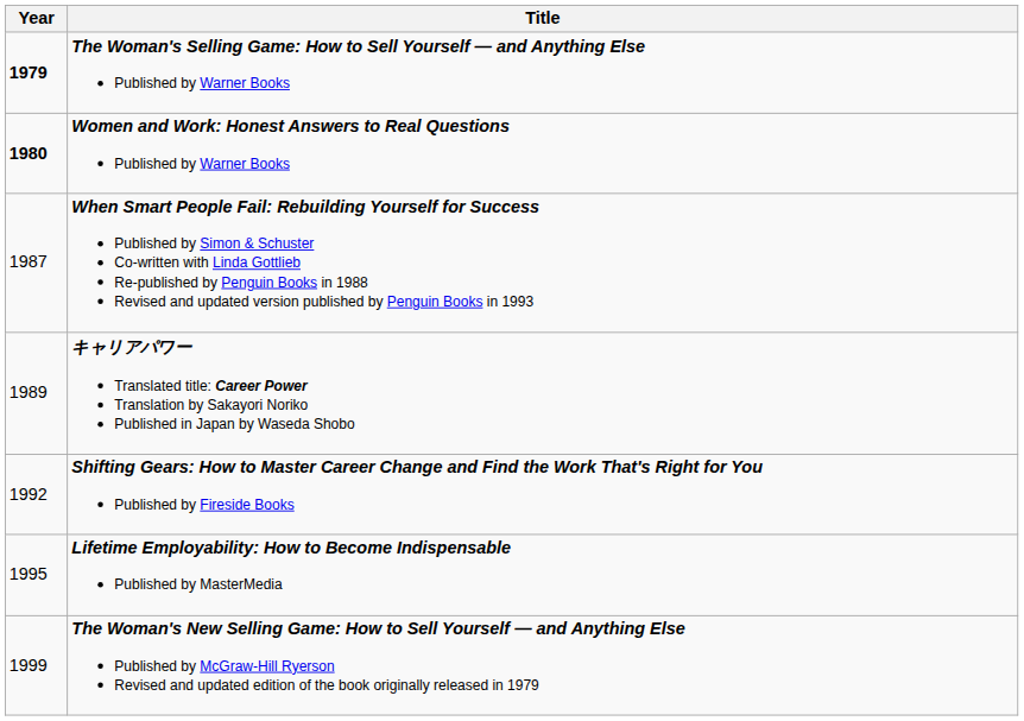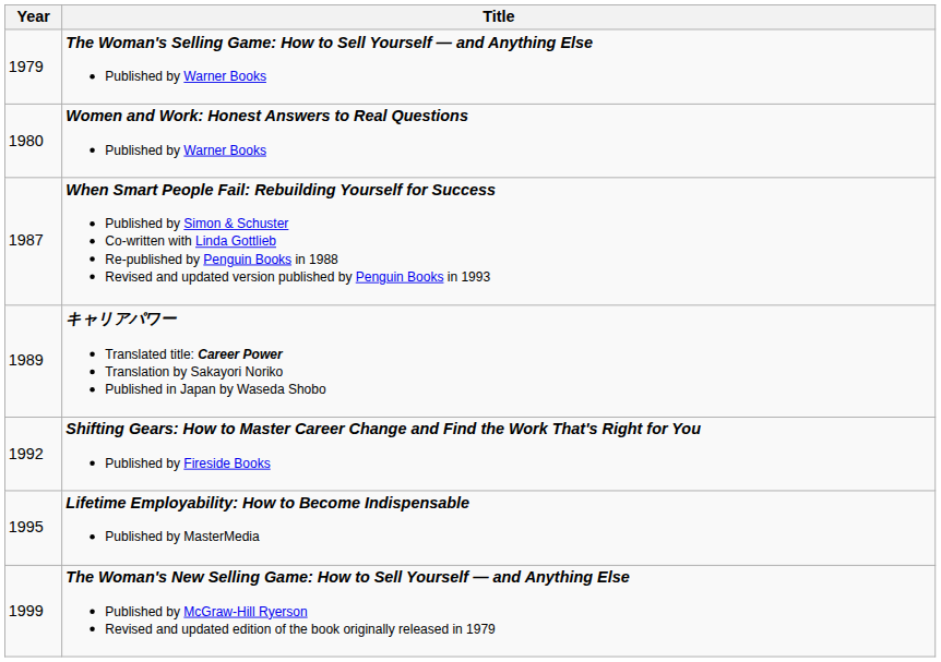 <table class="wikitable" style="width: 75%">
 <tr>
 <th>Year</th>
 <th>Title</th>
 </tr>
 <tr>
-<td><strong>1979</strong></td>
+<td>1979</td>
 <td align="left"><strong><em>The Woman's Selling Game: How to Sell Yourself — and Anything Else</em></strong><br><ul><li><small>Published by <a href='#'>Warner Books</a></small></li></ul></td>
 </tr>
 <tr>
-<td><strong>1980</strong></td>
+<td>1980</td>
 <td align="left"><strong><em>Women and Work: Honest Answers to Real Questions</em></strong><br><ul><li><small>Published by <a href='#'>Warner Books</a></small></li></ul></td>
 </tr>
 <tr>
 <td>1987</td>
 <td align="left"><strong><em>When Smart People Fail: Rebuilding Yourself for Success</em></strong><br><ul><li><small>Published by <a href='#'>Simon & Schuster</a></small></li><li><small>Co-written with <a href='#'>Linda Gottlieb</a></small></li><li><small>Re-published by <a href='#'>Penguin Books</a> in 1988</small></li><li><small>Revised and updated version published by <a href='#'>Penguin Books</a> in 1993</small></li></ul></td>
 </tr>
 <tr>
 <td>1989</td>
 <td align="left"><strong><em>キャリアパワー</em></strong><br><ul><li><small>Translated title: <strong><em>Career Power</em></strong></small></li><li><small>Translation by Sakayori Noriko</small></li><li><small>Published in Japan by Waseda Shobo</small></li></ul></td>
 </tr>
 <tr>
 <td>1992</td>
 <td align="left"><strong><em>Shifting Gears: How to Master Career Change and Find the Work That's Right for You</em></strong><br><ul><li><small>Published by <a href='#'>Fireside Books</a></small></li></ul></td>
 </tr>
 <tr>
 <td>1995</td>
 <td align="left"><strong><em>Lifetime Employability: How to Become Indispensable</em></strong><br><ul><li><small>Published by MasterMedia</small></li></ul></td>
 </tr>
 <tr>
 <td>1999</td>
 <td align="left"><strong><em>The Woman's New Selling Game: How to Sell Yourself — and Anything Else</em></strong><br><ul><li><small>Published by <a href='#'>McGraw-Hill Ryerson</a></small></li><li><small>Revised and updated edition of the book originally released in 1979</small></li></ul></td>
 </tr>
 </table>
